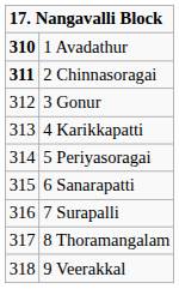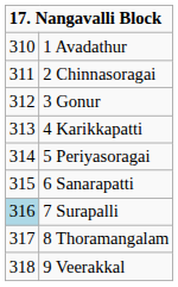 <table class="wikitable">
 <tr>
 <td colspan="2"><strong>17. Nangavalli Block</strong></td>
 </tr>
 <tr>
-<td><strong>310</strong></td>
+<td>310</td>
 <td>1 Avadathur</td>
 </tr>
 <tr>
-<td><strong>311</strong></td>
+<td>311</td>
 <td>2 Chinnasoragai</td>
 </tr>
 <tr>
 <td>312</td>
 <td>3 Gonur</td>
 </tr>
 <tr>
 <td>313</td>
 <td>4 Karikkapatti</td>
 </tr>
 <tr>
 <td>314</td>
 <td>5 Periyasoragai</td>
 </tr>
 <tr>
 <td>315</td>
 <td>6 Sanarapatti</td>
 </tr>
 <tr>
-<td>316</td>
+<td style="background: lightblue;">316</td>
 <td>7 Surapalli</td>
 </tr>
 <tr>
 <td>317</td>
 <td>8 Thoramangalam</td>
 </tr>
 <tr>
 <td>318</td>
 <td>9 Veerakkal</td>
 </tr>
 </table>
